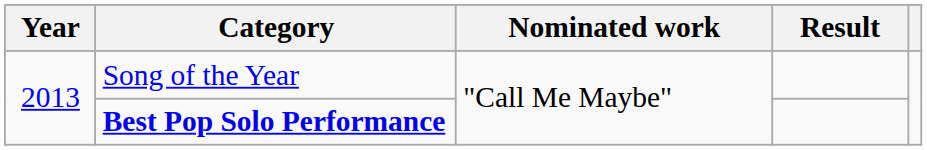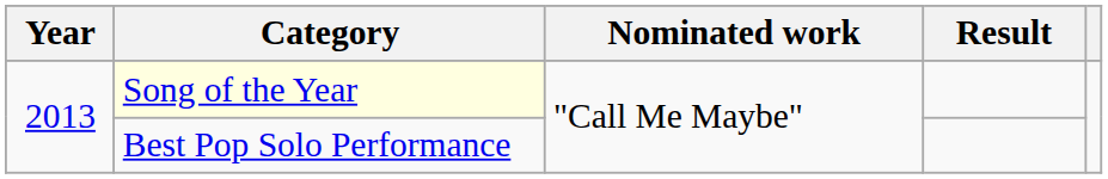 <table width="80%" class="wikitable">
 <tr>
 <th style="width:10%;">Year</th>
 <th style="width:40%;">Category</th>
 <th style="width:35%;">Nominated work</th>
 <th style="width:15%;">Result</th>
 <th></th>
 </tr>
 <tr>
 <td rowspan="2" style="text-align:center;"><a href='#'>2013</a></td>
-<td><a href='#'>Song of the Year</a></td>
+<td style="background: lightyellow;"><a href='#'>Song of the Year</a></td>
 <td rowspan="2">"Call Me Maybe"</td>
 <td></td>
 <td rowspan="2" style="text-align:center;"></td>
 </tr>
 <tr>
-<td><strong><a href='#'>Best Pop Solo Performance</a></strong></td>
+<td><a href='#'>Best Pop Solo Performance</a></td>
 <td></td>
 </tr>
 </table>
